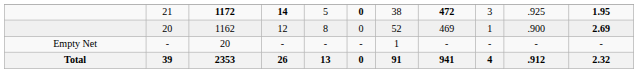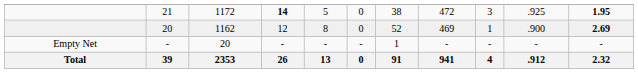 <table class="wikitable sortable" width ="1000">
 <tr align="center">
 </tr>
 <tr align="center" bgcolor="">
 <td></td>
 <td>21</td>
-<td><strong>1172</strong></td>
+<td>1172</td>
 <td><strong>14</strong></td>
 <td>5</td>
-<td><strong>0</strong></td>
+<td>0</td>
 <td>38</td>
-<td><strong>472</strong></td>
+<td>472</td>
 <td>3</td>
 <td>.925</td>
 <td><strong>1.95</strong></td>
 </tr>
 <tr align="center" bgcolor="f0f0f0">
 <td></td>
 <td>20</td>
 <td>1162</td>
 <td>12</td>
 <td>8</td>
 <td>0</td>
 <td>52</td>
 <td>469</td>
 <td>1</td>
 <td>.900</td>
 <td><strong>2.69</strong></td>
 </tr>
 <tr align="center" bgcolor="">
 <td>Empty Net</td>
 <td>-</td>
 <td>20</td>
 <td>-</td>
 <td>-</td>
 <td>-</td>
 <td>1</td>
 <td>-</td>
 <td>-</td>
 <td>-</td>
 <td>-</td>
 </tr>
 <tr>
 <th>Total</th>
 <th>39</th>
 <th>2353</th>
 <th>26</th>
 <th>13</th>
 <th>0</th>
 <th>91</th>
 <th>941</th>
 <th>4</th>
 <th>.912</th>
 <th>2.32</th>
 </tr>
 </table>
